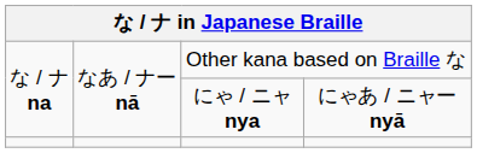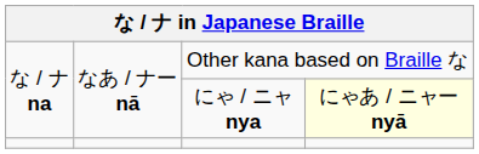 <table class="wikitable nowrap" style="text-align:center">
 <tr>
 <th colspan=4>な / ナ in <a href='#'>Japanese Braille</a></th>
 </tr>
 <tr>
 <td rowspan=2>な / ナ <br><strong>na</strong></td>
 <td rowspan=2>なあ / ナー <br><strong>nā</strong></td>
 <td colspan=2>Other kana based on <a href='#'>Braille</a> な</td>
 </tr>
 <tr>
 <td>にゃ / ニャ <br><strong>nya</strong></td>
-<td>にゃあ / ニャー <br><strong>nyā</strong></td>
+<td style="background: lightyellow;">にゃあ / ニャー <br><strong>nyā</strong></td>
 </tr>
 <tr>
 <td></td>
 <td></td>
 <td></td>
 <td></td>
 </tr>
 </table>
